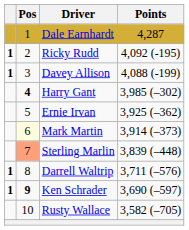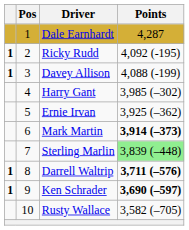 <table class="wikitable" style="font-size: 95%;">
 <tr>
 <th></th>
 <th>Pos</th>
 <th>Driver</th>
 <th>Points</th>
 </tr>
 <tr style="background:#D4AF37;">
 <td align="left"></td>
 <td style="text-align:center;">1</td>
 <td><a href='#'>Dale Earnhardt</a></td>
 <td style="text-align:center;">4,287</td>
 </tr>
 <tr>
 <td align="left">  <strong>1</strong></td>
 <td style="text-align:center;">2</td>
 <td><a href='#'>Ricky Rudd</a></td>
 <td style="text-align:center;">4,092 (-195)</td>
 </tr>
 <tr>
 <td align="left">  <strong>1</strong></td>
 <td style="text-align:center;">3</td>
 <td><a href='#'>Davey Allison</a></td>
 <td style="text-align:center;">4,088 (-199)</td>
 </tr>
 <tr>
 <td align="left"></td>
-<td style="text-align:center;"><strong>4</strong></td>
+<td style="text-align:center;">4</td>
 <td><a href='#'>Harry Gant</a></td>
 <td style="text-align:center;">3,985 (–302)</td>
 </tr>
 <tr>
 <td align="left"></td>
 <td style="text-align:center;">5</td>
 <td><a href='#'>Ernie Irvan</a></td>
 <td style="text-align:center;">3,925 (–362)</td>
 </tr>
 <tr>
 <td align="left"></td>
-<td style="background: lightyellow; text-align:center;">6</td>
+<td style="text-align:center;">6</td>
 <td><a href='#'>Mark Martin</a></td>
-<td style="text-align:center;">3,914 (–373)</td>
+<td style="text-align:center;"><strong>3,914 (–373)</strong></td>
 </tr>
 <tr>
 <td align="left"></td>
-<td style="background: lightsalmon; text-align:center;">7</td>
+<td style="text-align:center;">7</td>
 <td><a href='#'>Sterling Marlin</a></td>
-<td style="text-align:center;">3,839 (–448)</td>
+<td style="background: lightgreen; text-align:center;">3,839 (–448)</td>
 </tr>
 <tr>
 <td align="left">  <strong>1</strong></td>
 <td style="text-align:center;">8</td>
 <td><a href='#'>Darrell Waltrip</a></td>
-<td style="text-align:center;">3,711 (–576)</td>
+<td style="text-align:center;"><strong>3,711 (–576)</strong></td>
 </tr>
 <tr>
 <td align="left">  <strong>1</strong></td>
-<td style="text-align:center;"><strong>9</strong></td>
+<td style="text-align:center;">9</td>
 <td><a href='#'>Ken Schrader</a></td>
-<td style="text-align:center;">3,690 (–597)</td>
+<td style="text-align:center;"><strong>3,690 (–597)</strong></td>
 </tr>
 <tr>
 <td align="left"></td>
 <td style="text-align:center;">10</td>
 <td><a href='#'>Rusty Wallace</a></td>
 <td style="text-align:center;">3,582 (–705)</td>
 </tr>
 <tr class="sortbottom">
 <th colspan="9"></th>
 </tr>
 </table>
